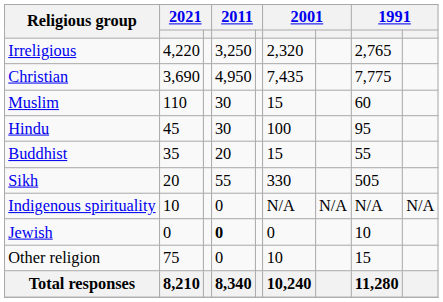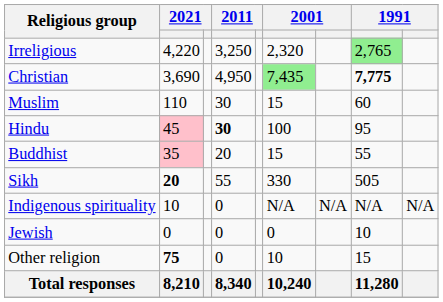 <table class="wikitable collapsible sortable">
 <tr>
 <th rowspan="2">Religious group</th>
 <th colspan="2"><a href='#'>2021</a></th>
 <th colspan="2"><a href='#'>2011</a></th>
 <th colspan="2"><a href='#'>2001</a></th>
 <th colspan="2"><a href='#'>1991</a></th>
 </tr>
 <tr>
 <th><a href='#'></a></th>
 <th></th>
 <th></th>
 <th></th>
 <th></th>
 <th></th>
 <th></th>
 <th></th>
 </tr>
 <tr>
 <td><a href='#'>Irreligious</a></td>
 <td>4,220</td>
 <td></td>
 <td>3,250</td>
 <td></td>
 <td>2,320</td>
 <td></td>
-<td>2,765</td>
+<td style="background: lightgreen;">2,765</td>
 <td></td>
 </tr>
 <tr>
 <td><a href='#'>Christian</a></td>
 <td>3,690</td>
 <td></td>
 <td>4,950</td>
 <td></td>
-<td>7,435</td>
+<td style="background: lightgreen;">7,435</td>
 <td></td>
-<td>7,775</td>
+<td><strong>7,775</strong></td>
 <td></td>
 </tr>
 <tr>
 <td><a href='#'>Muslim</a></td>
 <td>110</td>
 <td></td>
 <td>30</td>
 <td></td>
 <td>15</td>
 <td></td>
 <td>60</td>
 <td></td>
 </tr>
 <tr>
 <td><a href='#'>Hindu</a></td>
-<td>45</td>
+<td style="background: pink;">45</td>
 <td></td>
-<td>30</td>
+<td><strong>30</strong></td>
 <td></td>
 <td>100</td>
 <td></td>
 <td>95</td>
 <td></td>
 </tr>
 <tr>
 <td><a href='#'>Buddhist</a></td>
-<td>35</td>
+<td style="background: pink;">35</td>
 <td></td>
 <td>20</td>
 <td></td>
 <td>15</td>
 <td></td>
 <td>55</td>
 <td></td>
 </tr>
 <tr>
 <td><a href='#'>Sikh</a></td>
-<td>20</td>
+<td><strong>20</strong></td>
 <td></td>
 <td>55</td>
 <td></td>
 <td>330</td>
 <td></td>
 <td>505</td>
 <td></td>
 </tr>
 <tr>
 <td><a href='#'>Indigenous spirituality</a></td>
 <td>10</td>
 <td></td>
 <td>0</td>
 <td></td>
 <td>N/A</td>
 <td>N/A</td>
 <td>N/A</td>
 <td>N/A</td>
 </tr>
 <tr>
 <td><a href='#'>Jewish</a></td>
 <td>0</td>
 <td></td>
-<td><strong>0</strong></td>
+<td>0</td>
 <td></td>
 <td>0</td>
 <td></td>
 <td>10</td>
 <td></td>
 </tr>
 <tr>
 <td>Other religion</td>
-<td>75</td>
+<td><strong>75</strong></td>
 <td></td>
 <td>0</td>
 <td></td>
 <td>10</td>
 <td></td>
 <td>15</td>
 <td></td>
 </tr>
 <tr class="sortbottom">
 <th>Total responses</th>
 <th>8,210</th>
 <th></th>
 <th>8,340</th>
 <th></th>
 <th>10,240</th>
 <th></th>
 <th>11,280</th>
 <th></th>
 </tr>
 <tr>
 </tr>
 </table>
